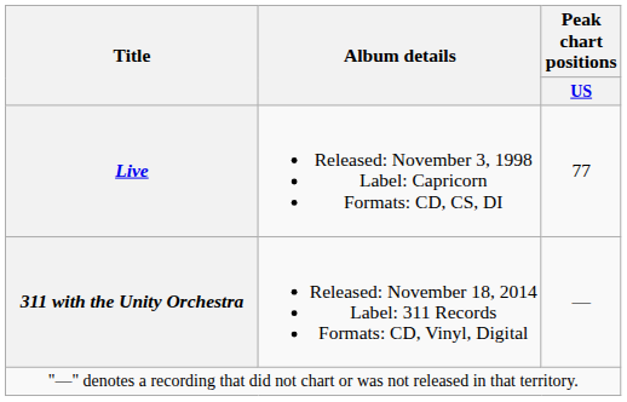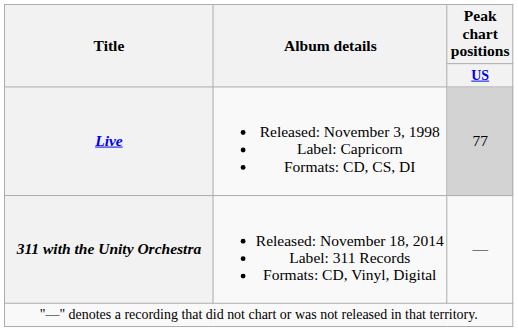 <table class="wikitable plainrowheaders" style="text-align:center;" border="1">
 <tr>
 <th scope="col" rowspan="2" style="width:13em;">Title</th>
 <th scope="col" rowspan="2">Album details</th>
 <th scope="col" colspan="1">Peak chart positions</th>
 </tr>
 <tr>
 <th scope="col" style="width:3em;font-size:90%;"><a href='#'>US</a><br></th>
 </tr>
 <tr>
 <th scope="row"><em><a href='#'>Live</a></em></th>
 <td><br><ul><li>Released: November 3, 1998</li><li>Label: Capricorn</li><li>Formats: CD, CS, DI</li></ul></td>
-<td>77</td>
+<td style="background: lightgrey;">77</td>
 </tr>
 <tr>
 <th scope="row"><em>311 with the Unity Orchestra</em></th>
 <td><br><ul><li>Released: November 18, 2014</li><li>Label: 311 Records</li><li>Formats: CD, Vinyl, Digital</li></ul></td>
 <td>—</td>
 </tr>
 <tr>
 <td colspan="6" style="font-size:90%">"—" denotes a recording that did not chart or was not released in that territory.</td>
 </tr>
 </table>
